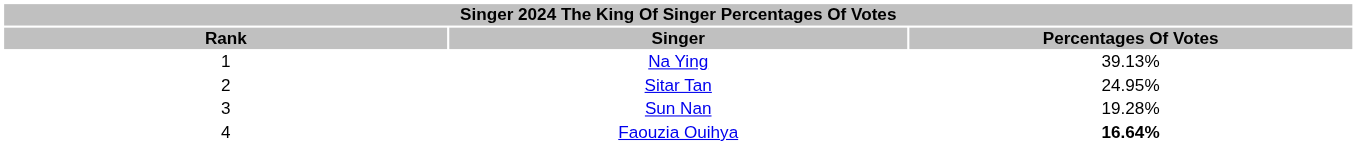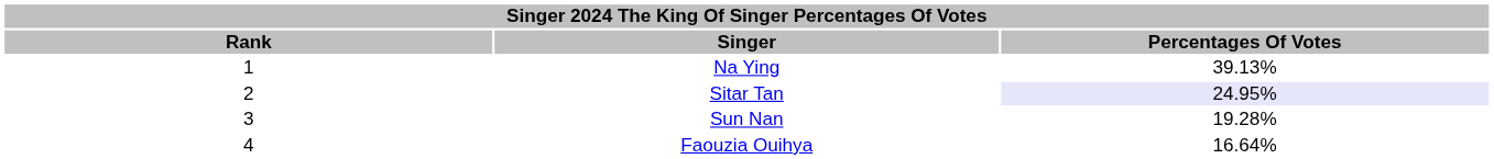 <table width="100%" style="text-align:center">
 <tr align=center style="background:silver">
 <td colspan="3"><div><strong>Singer 2024 The King Of Singer Percentages Of Votes</strong></div></td>
 </tr>
 <tr align=center style="background:silver">
 <td style="width:33%"><strong>Rank</strong></td>
 <td style="width:34%"><strong>Singer</strong></td>
 <td style="width:33%"><strong>Percentages Of Votes</strong></td>
 </tr>
 <tr>
 <td>1</td>
 <td><a href='#'>Na Ying</a></td>
 <td>39.13%</td>
 </tr>
 <tr>
 <td>2</td>
 <td><a href='#'>Sitar Tan</a></td>
-<td>24.95%</td>
+<td style="background: lavender;">24.95%</td>
 </tr>
 <tr>
 <td>3</td>
 <td><a href='#'>Sun Nan</a></td>
 <td>19.28%</td>
 </tr>
 <tr>
 <td>4</td>
 <td><a href='#'>Faouzia Ouihya</a></td>
-<td><strong>16.64%</strong></td>
+<td>16.64%</td>
 </tr>
 </table>
